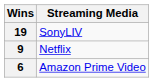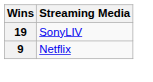 <table class="wikitable" style="display:inline-table;">
 <tr>
 <th>Wins</th>
 <th>Streaming Media</th>
 </tr>
 <tr>
 <th>19</th>
 <td><a href='#'>SonyLIV</a></td>
 </tr>
 <tr>
 <th>9</th>
 <td><a href='#'>Netflix</a></td>
 </tr>
-<tr>
-<th>6</th>
-<td><a href='#'>Amazon Prime Video</a></td>
-</tr>
 </table>
